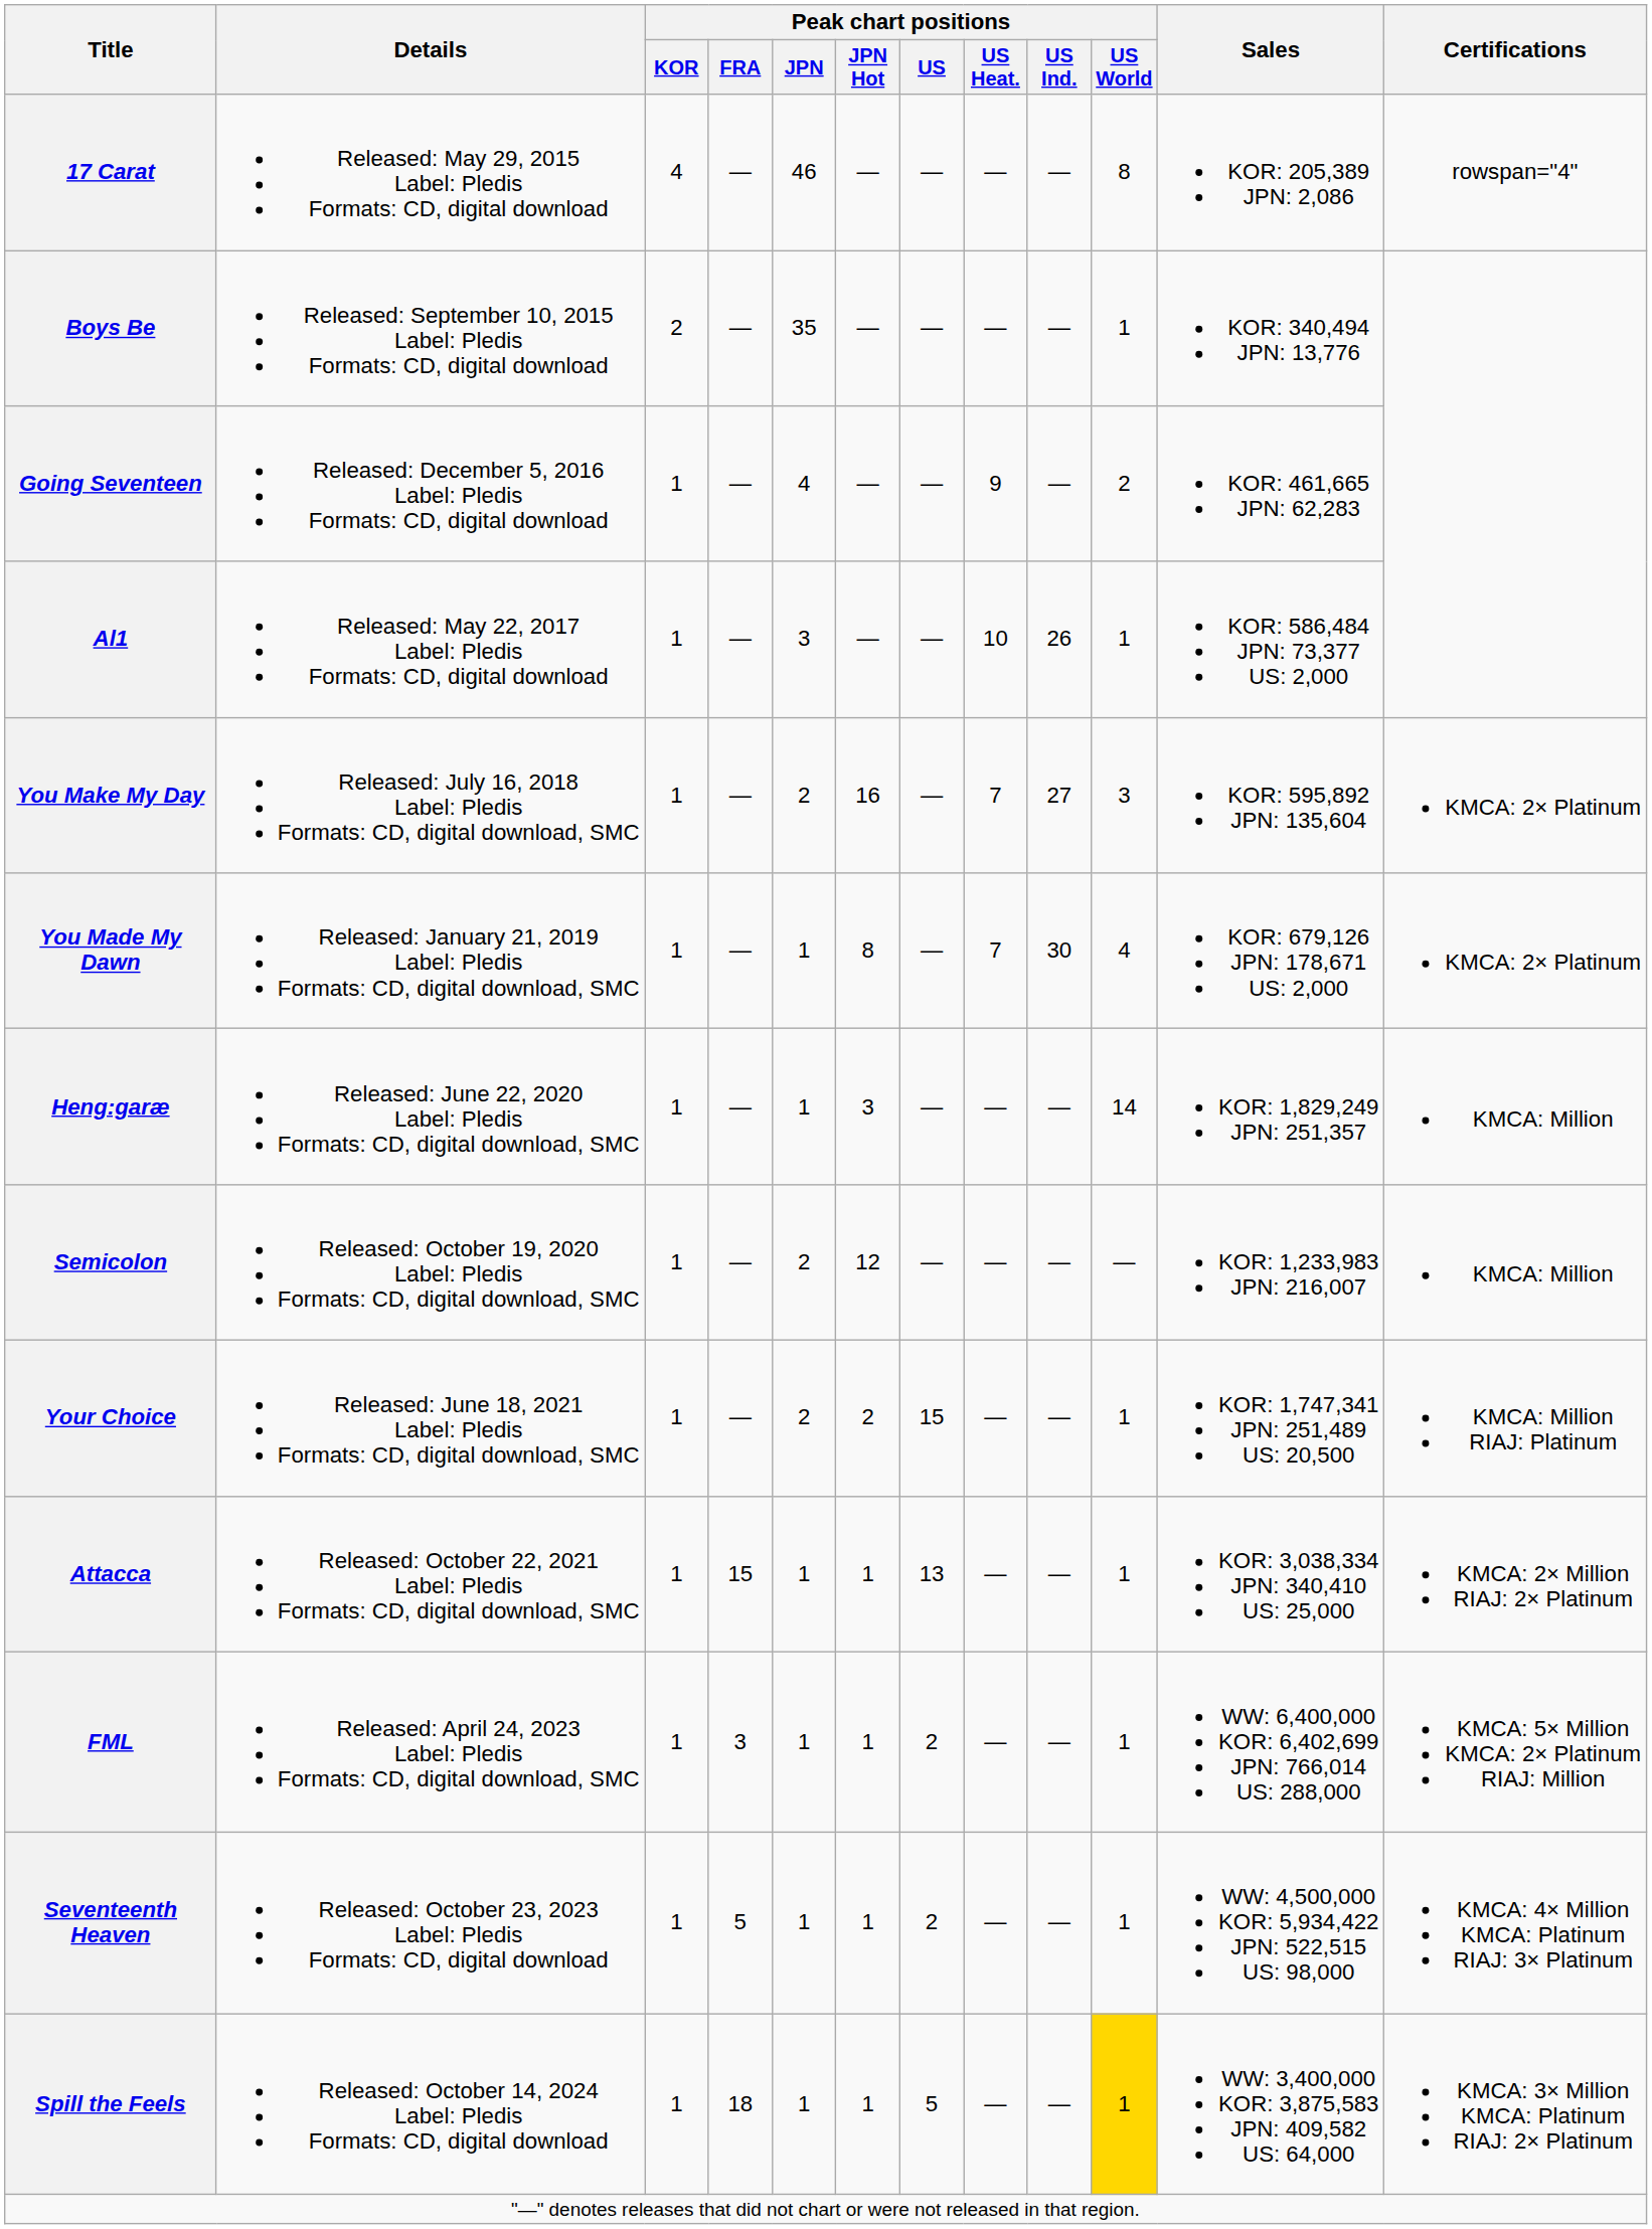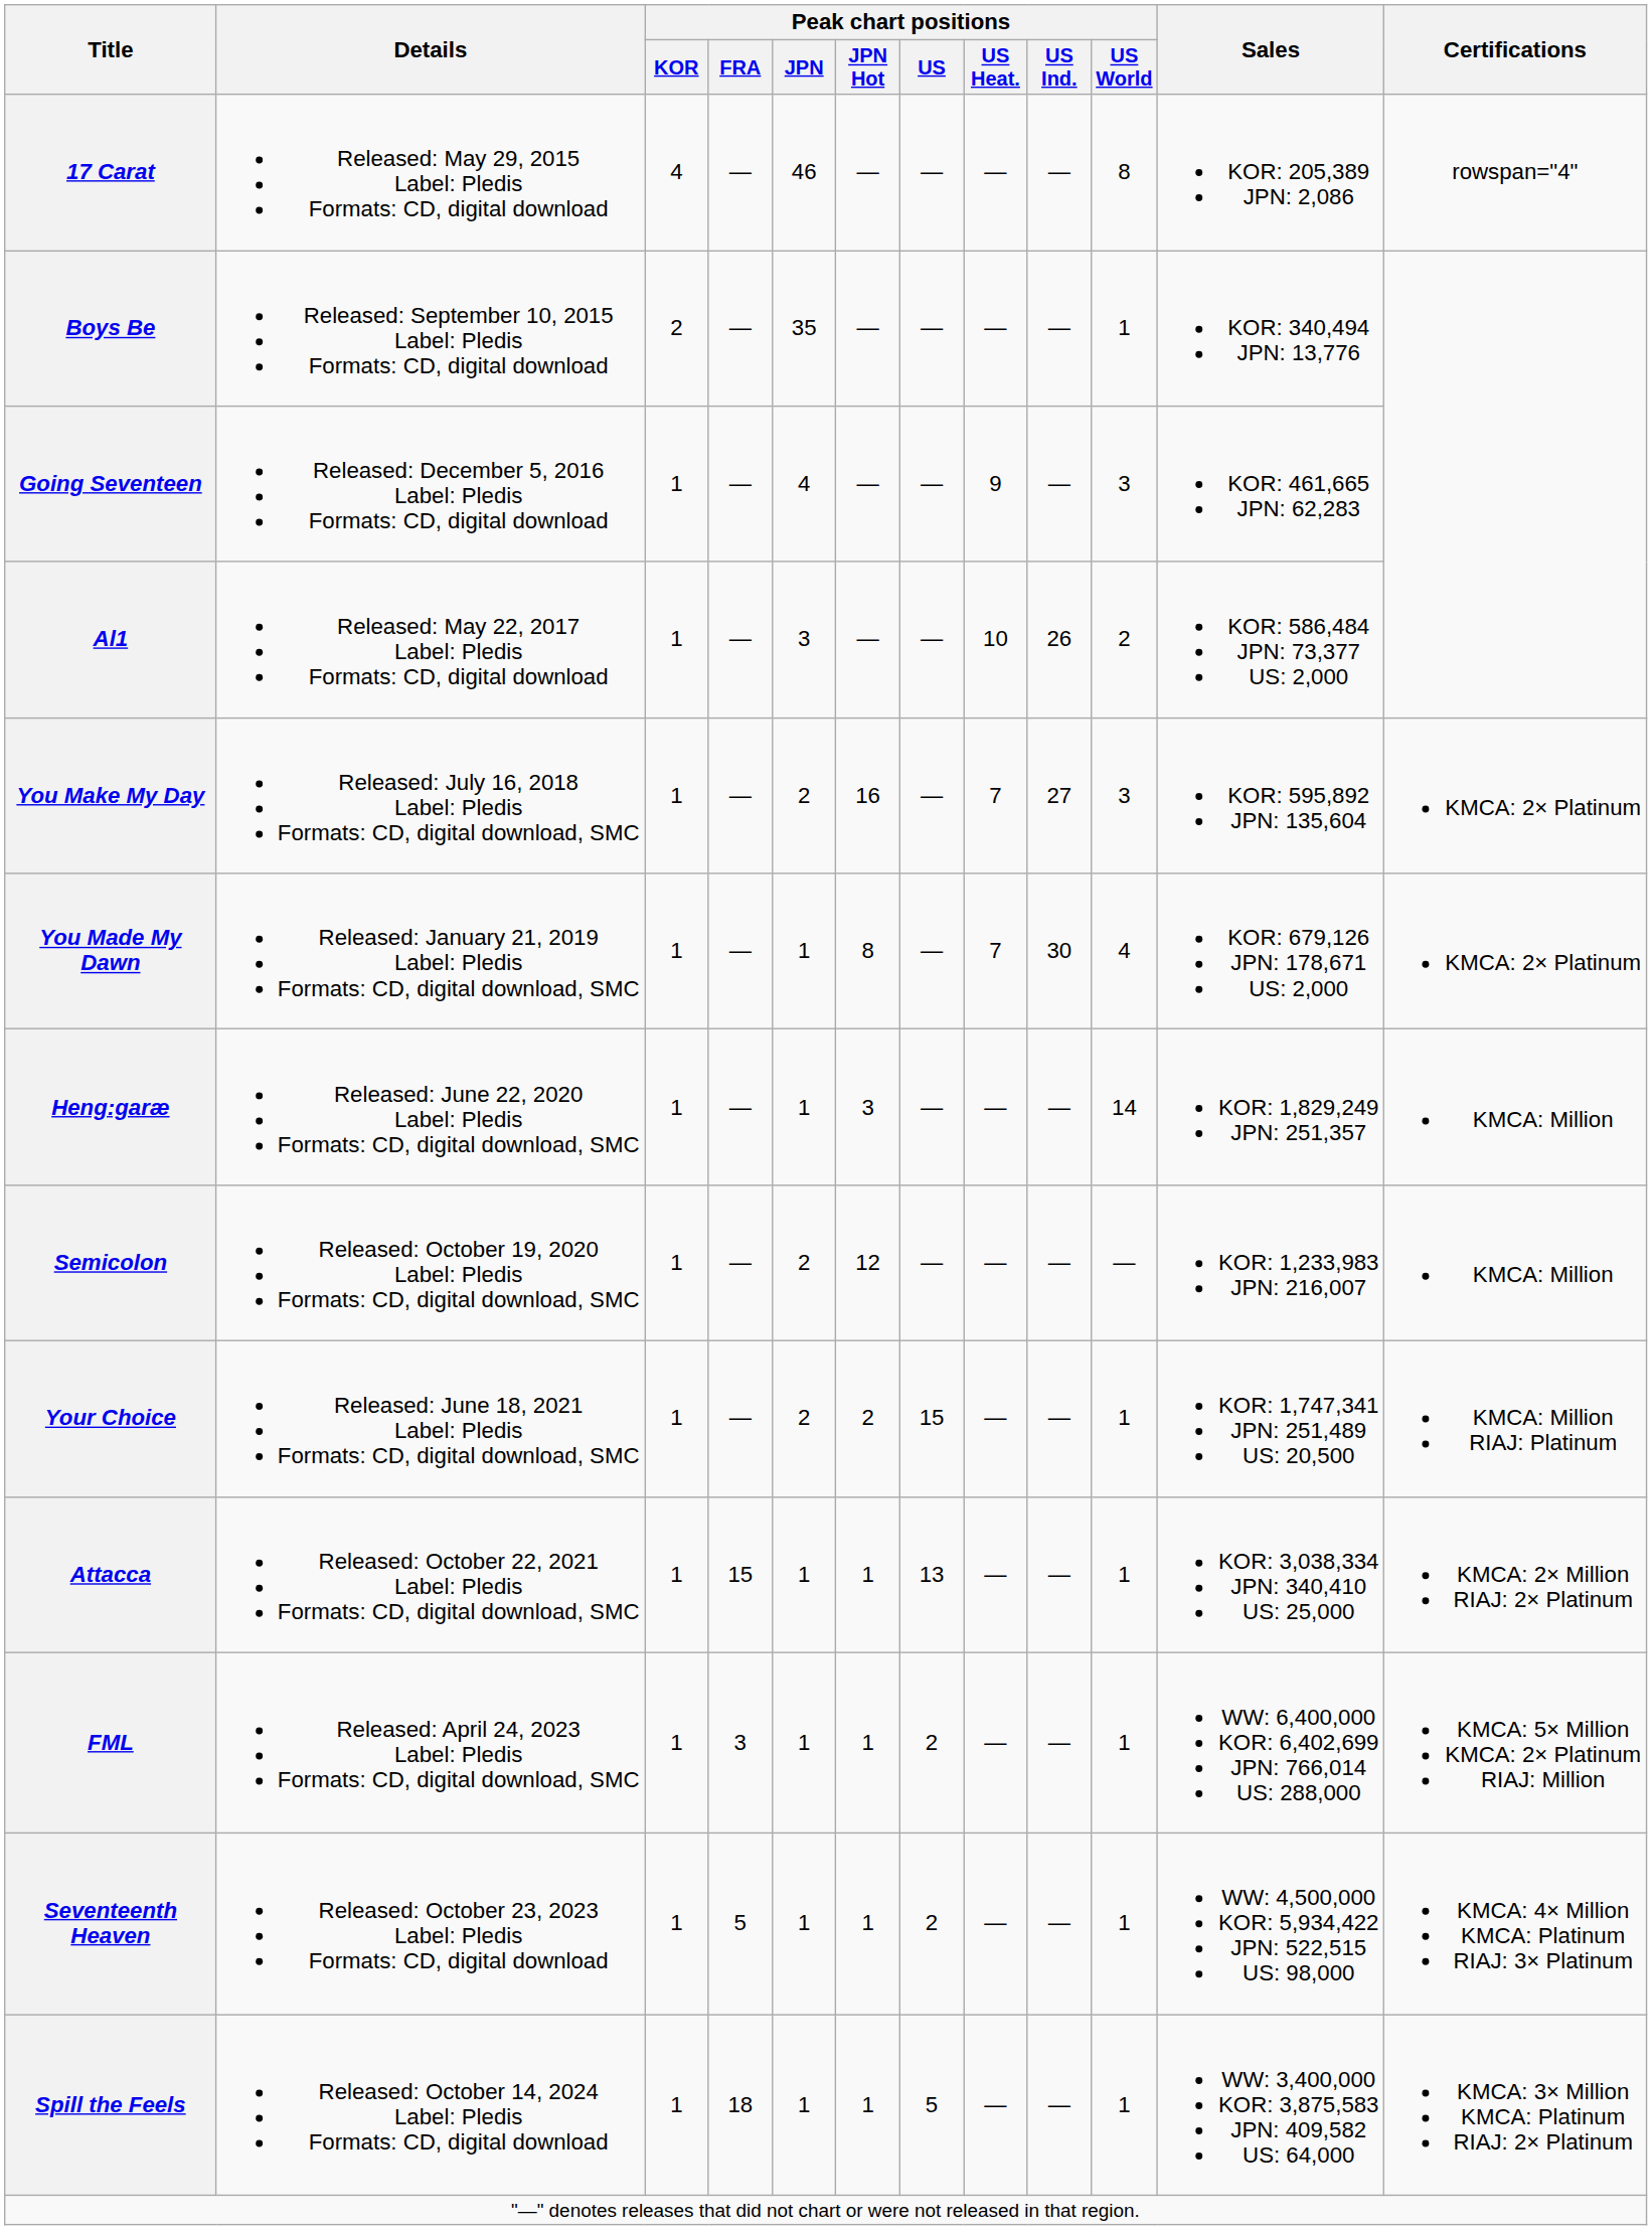 <table class="wikitable plainrowheaders" style="text-align:center">
 <tr>
 <th rowspan="2" scope="col" style="width:9em">Title</th>
 <th rowspan="2" scope="col">Details</th>
 <th colspan="8" scope="col">Peak chart positions</th>
 <th rowspan="2" scope="col">Sales</th>
 <th rowspan="2" scope="col">Certifications</th>
 </tr>
 <tr>
 <th scope="col" style="width:2.7em;font-size:90%;"><a href='#'>KOR</a><br></th>
 <th scope="col" style="width:2.7em;font-size:90%;"><a href='#'>FRA</a><br></th>
 <th scope="col" style="width:2.7em;font-size:90%;"><a href='#'>JPN</a><br></th>
 <th scope="col" style="width:2.7em;font-size:90%;"><a href='#'>JPN<br>Hot</a><br></th>
 <th scope="col" style="width:2.7em;font-size:90%;"><a href='#'>US</a><br></th>
 <th scope="col" style="width:2.7em;font-size:90%;"><a href='#'>US<br>Heat.</a><br></th>
 <th scope="col" style="width:2.7em;font-size:90%;"><a href='#'>US<br>Ind.</a><br></th>
 <th scope="col" style="width:2.7em;font-size:90%;"><a href='#'>US<br>World</a><br></th>
 </tr>
 <tr>
 <th scope="row"><em><a href='#'>17 Carat</a></em></th>
 <td><br><ul><li>Released: May 29, 2015</li><li>Label: Pledis</li><li>Formats: CD, digital download</li></ul></td>
 <td>4</td>
 <td>—</td>
 <td>46</td>
 <td>—</td>
 <td>—</td>
 <td>—</td>
 <td>—</td>
 <td>8</td>
 <td><br><ul><li>KOR: 205,389</li><li>JPN: 2,086</li></ul></td>
 <td>rowspan="4" </td>
 </tr>
 <tr>
 <th scope="row"><em><a href='#'>Boys Be</a></em></th>
 <td><br><ul><li>Released: September 10, 2015</li><li>Label: Pledis</li><li>Formats: CD, digital download</li></ul></td>
 <td>2</td>
 <td>—</td>
 <td>35</td>
 <td>—</td>
 <td>—</td>
 <td>—</td>
 <td>—</td>
 <td>1</td>
 <td><br><ul><li>KOR: 340,494</li><li>JPN: 13,776</li></ul></td>
 </tr>
 <tr>
 <th scope="row"><em><a href='#'>Going Seventeen</a></em></th>
 <td><br><ul><li>Released: December 5, 2016</li><li>Label: Pledis</li><li>Formats: CD, digital download</li></ul></td>
 <td>1</td>
 <td>—</td>
 <td>4</td>
 <td>—</td>
 <td>—</td>
 <td>9</td>
 <td>—</td>
-<td>2</td>
+<td>3</td>
 <td><br><ul><li>KOR: 461,665</li><li>JPN: 62,283</li></ul></td>
 </tr>
 <tr>
 <th scope="row"><em><a href='#'>Al1</a></em></th>
 <td><br><ul><li>Released: May 22, 2017</li><li>Label: Pledis</li><li>Formats: CD, digital download</li></ul></td>
 <td>1</td>
 <td>—</td>
 <td>3</td>
 <td>—</td>
 <td>—</td>
 <td>10</td>
 <td>26</td>
-<td>1</td>
+<td>2</td>
 <td><br><ul><li>KOR: 586,484</li><li>JPN: 73,377</li><li>US: 2,000</li></ul></td>
 </tr>
 <tr>
 <th scope="row"><em><a href='#'>You Make My Day</a></em></th>
 <td><br><ul><li>Released: July 16, 2018</li><li>Label: Pledis</li><li>Formats: CD, digital download, SMC</li></ul></td>
 <td>1</td>
 <td>—</td>
 <td>2</td>
 <td>16</td>
 <td>—</td>
 <td>7</td>
 <td>27</td>
 <td>3</td>
 <td><br><ul><li>KOR: 595,892</li><li>JPN: 135,604</li></ul></td>
 <td><br><ul><li>KMCA: 2× Platinum</li></ul></td>
 </tr>
 <tr>
 <th scope="row"><em><a href='#'>You Made My Dawn</a></em></th>
 <td><br><ul><li>Released: January 21, 2019</li><li>Label: Pledis</li><li>Formats: CD, digital download, SMC</li></ul></td>
 <td>1</td>
 <td>—</td>
 <td>1</td>
 <td>8</td>
 <td>—</td>
 <td>7</td>
 <td>30</td>
 <td>4</td>
 <td><br><ul><li>KOR: 679,126</li><li>JPN: 178,671</li><li>US: 2,000</li></ul></td>
 <td><br><ul><li>KMCA: 2× Platinum</li></ul></td>
 </tr>
 <tr>
 <th scope="row"><em><a href='#'>Heng:garæ</a></em></th>
 <td><br><ul><li>Released: June 22, 2020</li><li>Label: Pledis</li><li>Formats: CD, digital download, SMC</li></ul></td>
 <td>1</td>
 <td>—</td>
 <td>1</td>
 <td>3</td>
 <td>—</td>
 <td>—</td>
 <td>—</td>
 <td>14</td>
 <td><br><ul><li>KOR: 1,829,249</li><li>JPN: 251,357</li></ul></td>
 <td><br><ul><li>KMCA: Million</li></ul></td>
 </tr>
 <tr>
 <th scope="row"><em><a href='#'>Semicolon</a></em></th>
 <td><br><ul><li>Released: October 19, 2020</li><li>Label: Pledis</li><li>Formats: CD, digital download, SMC</li></ul></td>
 <td>1</td>
 <td>—</td>
 <td>2</td>
 <td>12</td>
 <td>—</td>
 <td>—</td>
 <td>—</td>
 <td>—</td>
 <td><br><ul><li>KOR: 1,233,983</li><li>JPN: 216,007</li></ul></td>
 <td><br><ul><li>KMCA: Million</li></ul></td>
 </tr>
 <tr>
 <th scope="row"><em><a href='#'>Your Choice</a></em></th>
 <td><br><ul><li>Released: June 18, 2021</li><li>Label: Pledis</li><li>Formats: CD, digital download, SMC</li></ul></td>
 <td>1</td>
 <td>—</td>
 <td>2</td>
 <td>2</td>
 <td>15</td>
 <td>—</td>
 <td>—</td>
 <td>1</td>
 <td><br><ul><li>KOR: 1,747,341</li><li>JPN: 251,489 </li><li>US: 20,500</li></ul></td>
 <td><br><ul><li>KMCA: Million</li><li>RIAJ: Platinum</li></ul></td>
 </tr>
 <tr>
 <th scope="row"><em><a href='#'>Attacca</a></em></th>
 <td><br><ul><li>Released: October 22, 2021</li><li>Label: Pledis</li><li>Formats: CD, digital download, SMC</li></ul></td>
 <td>1</td>
 <td>15</td>
 <td>1</td>
 <td>1</td>
 <td>13</td>
 <td>—</td>
 <td>—</td>
 <td>1</td>
 <td><br><ul><li>KOR: 3,038,334</li><li>JPN: 340,410 </li><li>US: 25,000</li></ul></td>
 <td><br><ul><li>KMCA: 2× Million</li><li>RIAJ: 2× Platinum</li></ul></td>
 </tr>
 <tr>
 <th scope="row"><em><a href='#'>FML</a></em></th>
 <td><br><ul><li>Released: April 24, 2023</li><li>Label: Pledis</li><li>Formats: CD, digital download, SMC</li></ul></td>
 <td>1</td>
 <td>3</td>
 <td>1</td>
 <td>1</td>
 <td>2</td>
 <td>—</td>
 <td>—</td>
 <td>1</td>
 <td><br><ul><li>WW: 6,400,000</li><li>KOR: 6,402,699</li><li>JPN: 766,014 </li><li>US: 288,000</li></ul></td>
 <td><br><ul><li>KMCA: 5× Million</li><li>KMCA: 2× Platinum </li><li>RIAJ: Million</li></ul></td>
 </tr>
 <tr>
 <th scope="row"><em><a href='#'>Seventeenth Heaven</a></em></th>
 <td><br><ul><li>Released: October 23, 2023</li><li>Label: Pledis</li><li>Formats: CD, digital download</li></ul></td>
 <td>1</td>
 <td>5</td>
 <td>1</td>
 <td>1</td>
 <td>2</td>
 <td>—</td>
 <td>—</td>
 <td>1</td>
 <td><br><ul><li>WW: 4,500,000</li><li>KOR: 5,934,422</li><li>JPN: 522,515</li><li>US: 98,000</li></ul></td>
 <td><br><ul><li>KMCA: 4× Million</li><li>KMCA: Platinum </li><li>RIAJ: 3× Platinum</li></ul></td>
 </tr>
 <tr>
 <th scope="row"><em><a href='#'>Spill the Feels</a></em></th>
 <td><br><ul><li>Released: October 14, 2024</li><li>Label: Pledis</li><li>Formats: CD, digital download</li></ul></td>
 <td>1</td>
 <td>18</td>
 <td>1</td>
 <td>1</td>
 <td>5</td>
 <td>—</td>
 <td>—</td>
-<td style="background: gold;">1</td>
+<td>1</td>
 <td><br><ul><li>WW: 3,400,000</li><li>KOR: 3,875,583</li><li>JPN: 409,582</li><li>US: 64,000</li></ul></td>
 <td><br><ul><li>KMCA: 3× Million</li><li>KMCA: Platinum </li><li>RIAJ: 2× Platinum</li></ul></td>
 </tr>
 <tr>
 <td colspan="12" style="text-align:center; font-size:85%">"—" denotes releases that did not chart or were not released in that region.</td>
 </tr>
 </table>
